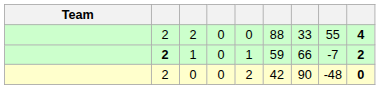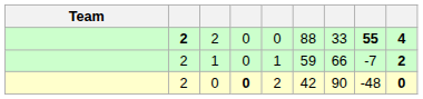 <table class="wikitable" style="text-align: center; font-size:90% ">
 <tr>
 <th width=160>Team</th>
 <th width=25></th>
 <th width=25></th>
 <th width=25></th>
 <th width=25></th>
 <th width=25></th>
 <th width=25></th>
 <th width=25></th>
 <th width=25></th>
 </tr>
 <tr bgcolor=ccffcc>
 <td align=left></td>
-<td>2</td>
+<td><strong>2</strong></td>
 <td>2</td>
 <td>0</td>
 <td>0</td>
 <td>88</td>
 <td>33</td>
-<td>55</td>
+<td><strong>55</strong></td>
 <td><strong>4</strong></td>
 </tr>
 <tr bgcolor=ccffcc>
 <td align=left></td>
-<td><strong>2</strong></td>
+<td>2</td>
 <td>1</td>
 <td>0</td>
 <td>1</td>
 <td>59</td>
 <td>66</td>
 <td>-7</td>
 <td><strong>2</strong></td>
 </tr>
 <tr bgcolor=ffffcc>
 <td align=left></td>
 <td>2</td>
 <td>0</td>
-<td>0</td>
+<td><strong>0</strong></td>
 <td>2</td>
 <td>42</td>
 <td>90</td>
 <td>-48</td>
 <td><strong>0</strong></td>
 </tr>
 </table>
